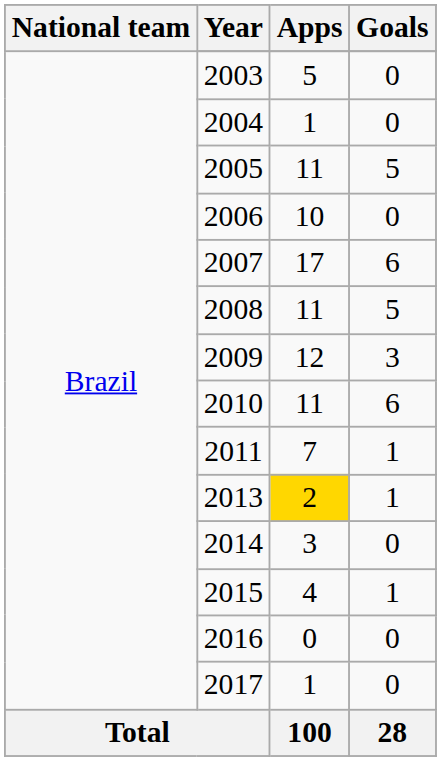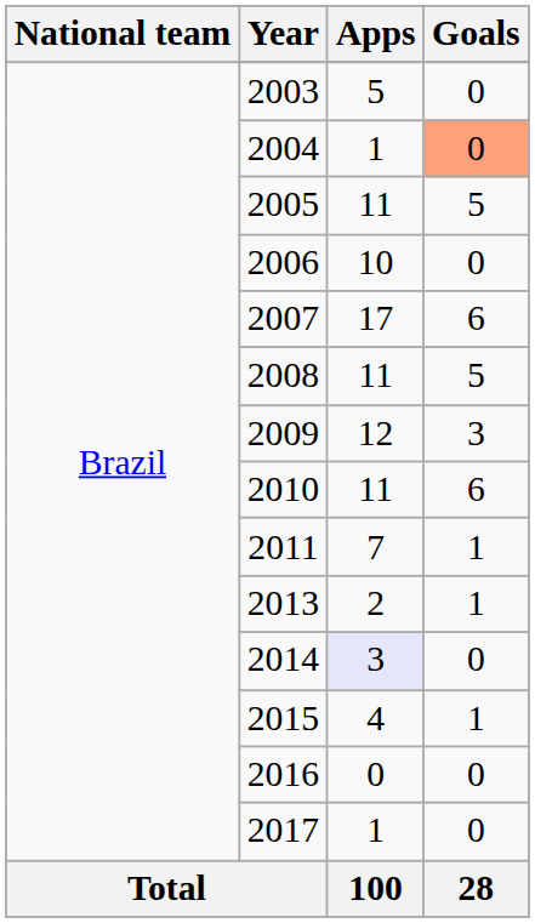 <table class="wikitable" style="text-align: center">
 <tr>
 <th>National team</th>
 <th>Year</th>
 <th>Apps</th>
 <th>Goals</th>
 </tr>
 <tr>
 <td rowspan="15"><a href='#'>Brazil</a></td>
 </tr>
 <tr>
 <td>2003</td>
 <td>5</td>
 <td>0</td>
 </tr>
 <tr>
 <td>2004</td>
 <td>1</td>
-<td>0</td>
+<td style="background: lightsalmon;">0</td>
 </tr>
 <tr>
 <td>2005</td>
 <td>11</td>
 <td>5</td>
 </tr>
 <tr>
 <td>2006</td>
 <td>10</td>
 <td>0</td>
 </tr>
 <tr>
 <td>2007</td>
 <td>17</td>
 <td>6</td>
 </tr>
 <tr>
 <td>2008</td>
 <td>11</td>
 <td>5</td>
 </tr>
 <tr>
 <td>2009</td>
 <td>12</td>
 <td>3</td>
 </tr>
 <tr>
 <td>2010</td>
 <td>11</td>
 <td>6</td>
 </tr>
 <tr>
 <td>2011</td>
 <td>7</td>
 <td>1</td>
 </tr>
 <tr>
 <td>2013</td>
-<td style="background: gold;">2</td>
+<td>2</td>
 <td>1</td>
 </tr>
 <tr>
 <td>2014</td>
-<td>3</td>
+<td style="background: lavender;">3</td>
 <td>0</td>
 </tr>
 <tr>
 <td>2015</td>
 <td>4</td>
 <td>1</td>
 </tr>
 <tr>
 <td>2016</td>
 <td>0</td>
 <td>0</td>
 </tr>
 <tr>
 <td>2017</td>
 <td>1</td>
 <td>0</td>
 </tr>
 <tr>
 <th colspan="2">Total</th>
 <th>100</th>
 <th>28</th>
 </tr>
 </table>
